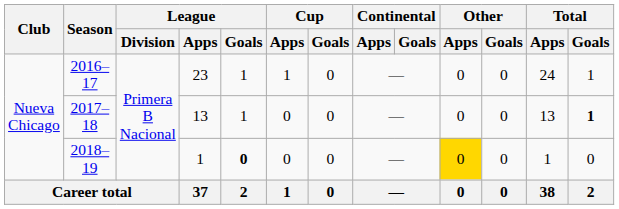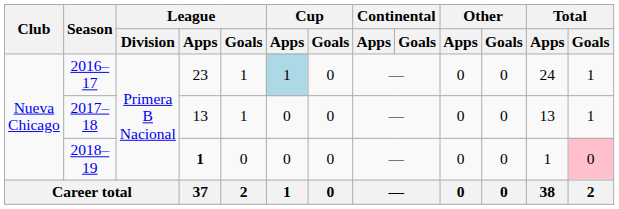 <table class="wikitable" style="text-align:center">
 <tr>
 <th rowspan="2">Club</th>
 <th rowspan="2">Season</th>
 <th colspan="3">League</th>
 <th colspan="2">Cup</th>
 <th colspan="2">Continental</th>
 <th colspan="2">Other</th>
 <th colspan="2">Total</th>
 </tr>
 <tr>
 <th>Division</th>
 <th>Apps</th>
 <th>Goals</th>
 <th>Apps</th>
 <th>Goals</th>
 <th>Apps</th>
 <th>Goals</th>
 <th>Apps</th>
 <th>Goals</th>
 <th>Apps</th>
 <th>Goals</th>
 </tr>
 <tr>
 <td rowspan="3"><a href='#'>Nueva Chicago</a></td>
 <td><a href='#'>2016–17</a></td>
 <td rowspan="3"><a href='#'>Primera B Nacional</a></td>
 <td>23</td>
 <td>1</td>
-<td>1</td>
+<td style="background: lightblue;">1</td>
 <td>0</td>
 <td colspan="2">—</td>
 <td>0</td>
 <td>0</td>
 <td>24</td>
 <td>1</td>
 </tr>
 <tr>
 <td><a href='#'>2017–18</a></td>
 <td>13</td>
 <td>1</td>
 <td>0</td>
 <td>0</td>
 <td colspan="2">—</td>
 <td>0</td>
 <td>0</td>
 <td>13</td>
-<td><strong>1</strong></td>
+<td>1</td>
 </tr>
 <tr>
 <td><a href='#'>2018–19</a></td>
-<td>1</td>
-<td><strong>0</strong></td>
+<td><strong>1</strong></td>
+<td>0</td>
 <td>0</td>
 <td>0</td>
 <td colspan="2">—</td>
-<td style="background: gold;">0</td>
+<td>0</td>
 <td>0</td>
 <td>1</td>
-<td>0</td>
+<td style="background: pink;">0</td>
 </tr>
 <tr>
 <th colspan="3">Career total</th>
 <th>37</th>
 <th>2</th>
 <th>1</th>
 <th>0</th>
 <th colspan="2">—</th>
 <th>0</th>
 <th>0</th>
 <th>38</th>
 <th>2</th>
 </tr>
 </table>
